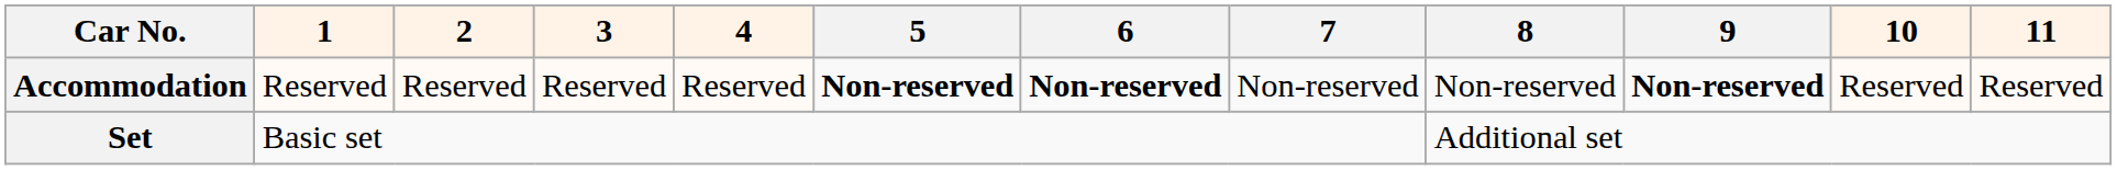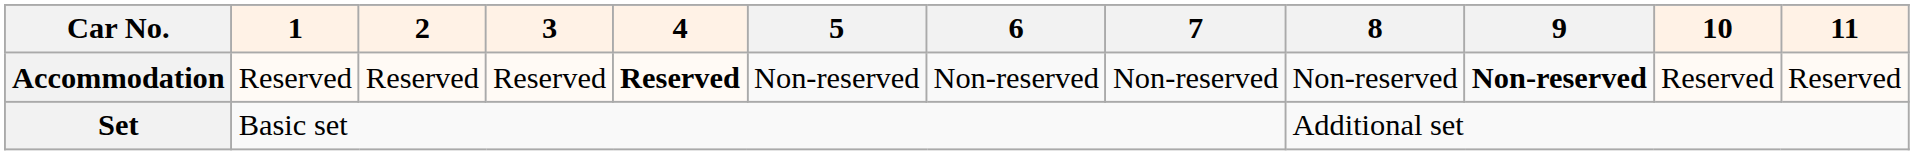 <table class="wikitable">
 <tr>
 <th>Car No.</th>
 <th style="background: #FFF2E6">1</th>
 <th style="background: #FFF2E6">2</th>
 <th style="background: #FFF2E6">3</th>
 <th style="background: #FFF2E6">4</th>
 <th>5</th>
 <th>6</th>
 <th>7</th>
 <th>8</th>
 <th>9</th>
 <th style="background: #FFF2E6">10</th>
 <th style="background: #FFF2E6">11</th>
 </tr>
 <tr>
 <th>Accommodation</th>
 <td style="background: #FFFAF5">Reserved</td>
 <td style="background: #FFFAF5">Reserved</td>
 <td style="background: #FFFAF5">Reserved</td>
-<td style="background: #FFFAF5">Reserved</td>
-<td><strong>Non-reserved</strong></td>
-<td><strong>Non-reserved</strong></td>
+<td style="background: #FFFAF5"><strong>Reserved</strong></td>
+<td>Non-reserved</td>
+<td>Non-reserved</td>
 <td>Non-reserved</td>
 <td>Non-reserved</td>
 <td><strong>Non-reserved</strong></td>
 <td style="background: #FFFAF5">Reserved</td>
 <td style="background: #FFFAF5">Reserved</td>
 </tr>
 <tr>
 <th>Set</th>
 <td colspan="7">Basic set</td>
 <td colspan="4">Additional set</td>
 </tr>
 </table>
